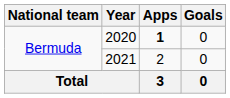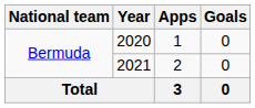 <table class="wikitable" style="text-align:center">
 <tr>
 <th>National team</th>
 <th>Year</th>
 <th>Apps</th>
 <th>Goals</th>
 </tr>
 <tr>
 <td rowspan="2"><a href='#'>Bermuda</a></td>
 <td>2020</td>
-<td><strong>1</strong></td>
+<td>1</td>
 <td>0</td>
 </tr>
 <tr>
 <td>2021</td>
 <td>2</td>
 <td>0</td>
 </tr>
 <tr>
 <th colspan=2>Total</th>
 <th>3</th>
 <th>0</th>
 </tr>
 </table>
